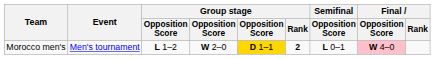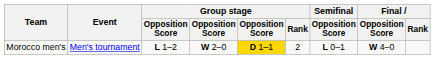 <table class="wikitable" style="font-size:90%">
 <tr>
 <th rowspan="2">Team</th>
 <th rowspan="2">Event</th>
 <th colspan="4">Group stage</th>
 <th>Semifinal</th>
 <th colspan="2">Final / </th>
 </tr>
 <tr style="font-size:95%">
 <th>Opposition<br>Score</th>
 <th>Opposition<br>Score</th>
 <th>Opposition<br>Score</th>
 <th>Rank</th>
 <th>Opposition<br>Score</th>
 <th>Opposition<br>Score</th>
 <th>Rank</th>
 </tr>
 <tr align="center">
 <td align="left">Morocco men's</td>
 <td align="left"><a href='#'>Men's tournament</a></td>
 <td> <strong>L</strong> 1–2</td>
 <td> <strong>W</strong> 2–0</td>
 <td style="background: gold;"> <strong>D</strong> 1–1</td>
-<td><strong>2</strong></td>
+<td>2</td>
 <td> <strong>L</strong> 0–1</td>
-<td style="background: pink;"> <strong>W</strong> 4–0</td>
+<td> <strong>W</strong> 4–0</td>
 <td></td>
 </tr>
 </table>
